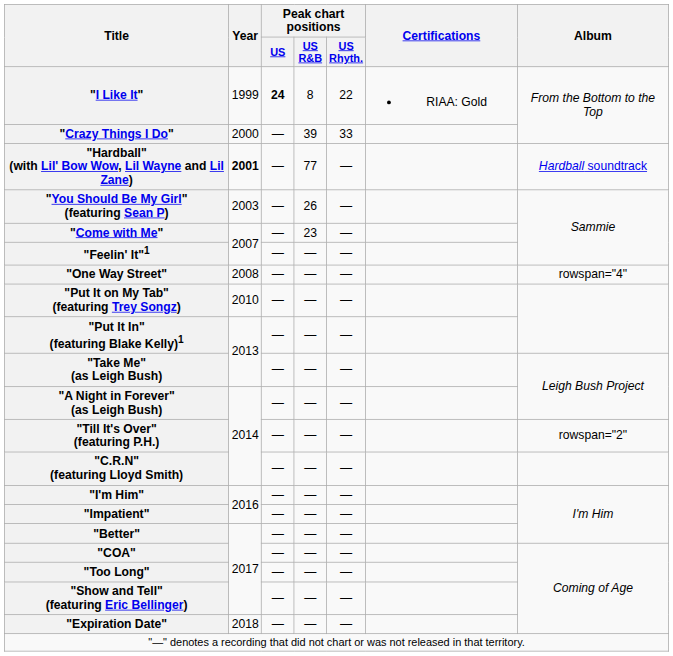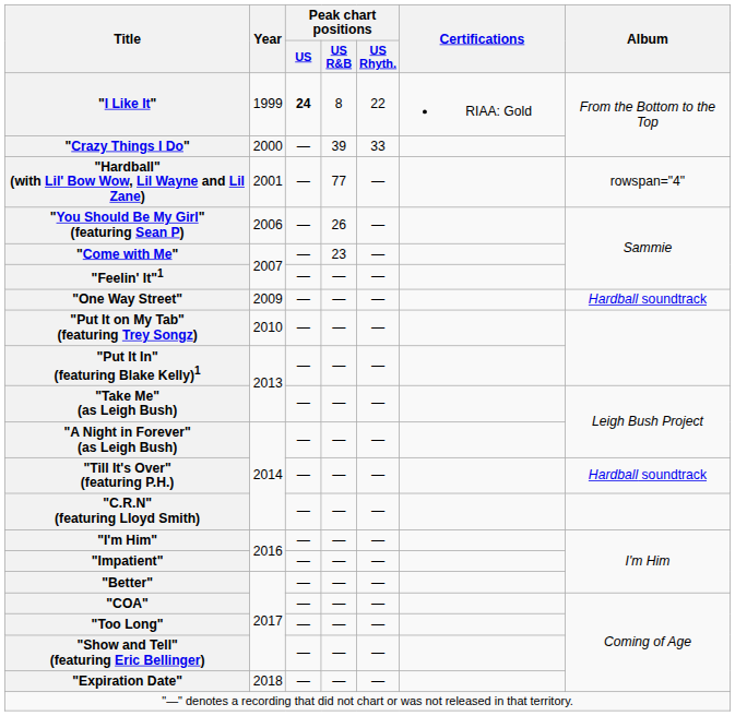 <table class="wikitable plainrowheaders" style="text-align:center;">
 <tr>
 <th scope="col" rowspan="2" style="width:18em;">Title</th>
 <th scope="col" rowspan="2" style="width:1em;">Year</th>
 <th scope="col" colspan="3">Peak chart positions</th>
 <th scope="col" rowspan="2" style="width:12em;"><a href='#'>Certifications</a></th>
 <th scope="col" rowspan="2" style="width:12em;">Album</th>
 </tr>
 <tr>
 <th scope="col" style="width:2.5em;font-size:90%;"><a href='#'>US</a><br></th>
 <th scope="col" style="width:2.5em;font-size:90%;"><a href='#'>US<br>R&B</a><br></th>
 <th scope="col" style="width:2.5em;font-size:90%;"><a href='#'>US<br>Rhyth.</a><br></th>
 </tr>
 <tr>
 <th scope="row">"<a href='#'>I Like It</a>"</th>
 <td>1999</td>
 <td><strong>24</strong></td>
 <td>8</td>
 <td>22</td>
 <td><br><ul><li>RIAA: Gold</li></ul></td>
 <td rowspan="2"><em>From the Bottom to the Top</em></td>
 </tr>
 <tr>
 <th scope="row">"<a href='#'>Crazy Things I Do</a>"</th>
 <td>2000</td>
 <td>—</td>
 <td>39</td>
 <td>33</td>
 <td></td>
 </tr>
 <tr>
 <th scope="row">"Hardball"<br><span>(with <a href='#'>Lil' Bow Wow</a>, <a href='#'>Lil Wayne</a> and <a href='#'>Lil Zane</a>)</span></th>
-<td><strong>2001</strong></td>
+<td>2001</td>
 <td>—</td>
 <td>77</td>
 <td>—</td>
 <td></td>
-<td><a href='#'><em>Hardball</em> soundtrack</a></td>
+<td>rowspan="4" </td>
 </tr>
 <tr>
 <th scope="row">"<a href='#'>You Should Be My Girl</a>"<br><span>(featuring <a href='#'>Sean P</a>)</span></th>
-<td>2003</td>
+<td>2006</td>
 <td>—</td>
 <td>26</td>
 <td>—</td>
 <td></td>
 <td rowspan="3"><em>Sammie</em></td>
 </tr>
 <tr>
 <th scope="row">"<a href='#'>Come with Me</a>"</th>
 <td rowspan="2">2007</td>
 <td>—</td>
 <td>23</td>
 <td>—</td>
 <td></td>
 </tr>
 <tr>
 <th scope="row">"Feelin' It"<sup>1</sup></th>
 <td>—</td>
 <td>—</td>
 <td>—</td>
 <td></td>
 </tr>
 <tr>
 <th scope="row">"One Way Street"</th>
-<td rowspan="1">2008</td>
+<td rowspan="1">2009</td>
 <td>—</td>
 <td>—</td>
 <td>—</td>
 <td></td>
-<td>rowspan="4" </td>
+<td><a href='#'><em>Hardball</em> soundtrack</a></td>
 </tr>
 <tr>
 <th scope="row">"Put It on My Tab"<br><span>(featuring <a href='#'>Trey Songz</a>)</span></th>
 <td rowspan="1">2010</td>
 <td>—</td>
 <td>—</td>
 <td>—</td>
 <td></td>
 </tr>
 <tr>
 <th scope="row">"Put It In"<br><span>(featuring Blake Kelly)</span><sup>1</sup></th>
 <td rowspan="2">2013</td>
 <td>—</td>
 <td>—</td>
 <td>—</td>
 <td></td>
 </tr>
 <tr>
 <th scope="row">"Take Me"<br><span>(as Leigh Bush)</span></th>
 <td>—</td>
 <td>—</td>
 <td>—</td>
 <td></td>
 <td rowspan="2"><em>Leigh Bush Project</em></td>
 </tr>
 <tr>
 <th scope="row">"A Night in Forever"<br><span>(as Leigh Bush)</span></th>
 <td rowspan="3">2014</td>
 <td>—</td>
 <td>—</td>
 <td>—</td>
 <td></td>
 </tr>
 <tr>
 <th scope="row">"Till It's Over"<br><span>(featuring P.H.)</span></th>
 <td>—</td>
 <td>—</td>
 <td>—</td>
 <td></td>
-<td>rowspan="2" </td>
+<td><a href='#'><em>Hardball</em> soundtrack</a></td>
 </tr>
 <tr>
 <th scope="row">"C.R.N"<br><span>(featuring Lloyd Smith)</span></th>
 <td>—</td>
 <td>—</td>
 <td>—</td>
 <td></td>
 </tr>
 <tr>
 <th scope="row">"I'm Him"</th>
 <td rowspan="2">2016</td>
 <td>—</td>
 <td>—</td>
 <td>—</td>
 <td></td>
 <td rowspan="3"><em>I'm Him</em></td>
 </tr>
 <tr>
 <th scope="row">"Impatient"</th>
 <td>—</td>
 <td>—</td>
 <td>—</td>
 <td></td>
 </tr>
 <tr>
 <th scope="row">"Better"</th>
 <td rowspan="4">2017</td>
 <td>—</td>
 <td>—</td>
 <td>—</td>
 <td></td>
 </tr>
 <tr>
 <th scope="row">"COA"</th>
 <td>—</td>
 <td>—</td>
 <td>—</td>
 <td></td>
 <td rowspan="4"><em>Coming of Age</em></td>
 </tr>
 <tr>
 <th scope="row">"Too Long"</th>
 <td>—</td>
 <td>—</td>
 <td>—</td>
 <td></td>
 </tr>
 <tr>
 <th scope="row">"Show and Tell"<br><span>(featuring <a href='#'>Eric Bellinger</a>)</span></th>
 <td>—</td>
 <td>—</td>
 <td>—</td>
 <td></td>
 </tr>
 <tr>
 <th scope="row">"Expiration Date"</th>
 <td>2018</td>
 <td>—</td>
 <td>—</td>
 <td>—</td>
 <td></td>
 </tr>
 <tr>
 <td colspan="14" style="font-size:90%">"—" denotes a recording that did not chart or was not released in that territory.</td>
 </tr>
 </table>
